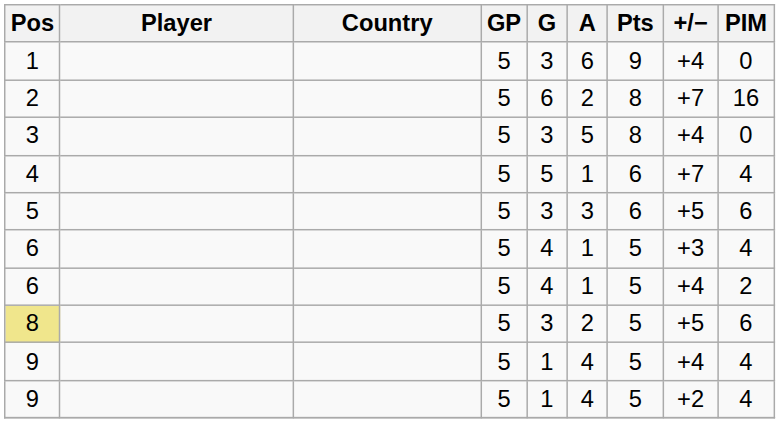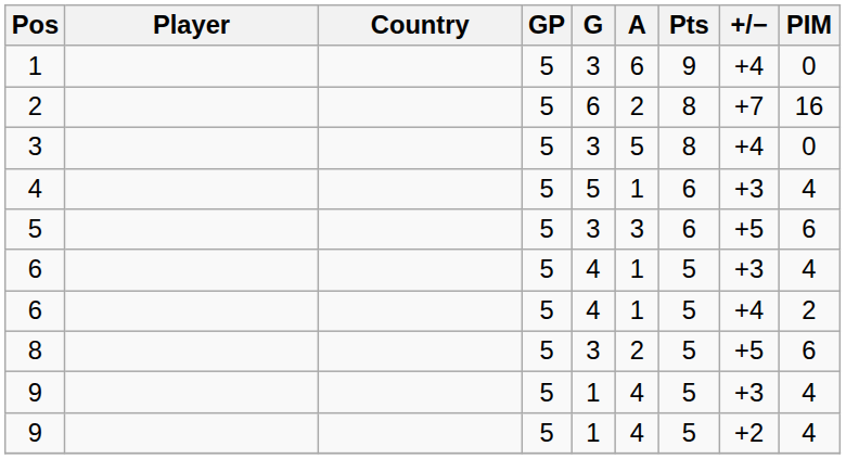 <table class="wikitable sortable" style="text-align: center;">
 <tr>
 <th width="30">Pos</th>
 <th width="150">Player</th>
 <th width="120">Country</th>
 <th width="20">GP</th>
 <th width="20">G</th>
 <th width="20">A</th>
 <th width="30">Pts</th>
 <th width="30">+/−</th>
 <th width="30">PIM</th>
 </tr>
 <tr>
 <td>1</td>
 <td align="left"></td>
 <td align="left"></td>
 <td>5</td>
 <td>3</td>
 <td>6</td>
 <td>9</td>
 <td>+4</td>
 <td>0</td>
 </tr>
 <tr>
 <td>2</td>
 <td align="left"></td>
 <td align="left"></td>
 <td>5</td>
 <td>6</td>
 <td>2</td>
 <td>8</td>
 <td>+7</td>
 <td>16</td>
 </tr>
 <tr>
 <td>3</td>
 <td align="left"></td>
 <td align="left"></td>
 <td>5</td>
 <td>3</td>
 <td>5</td>
 <td>8</td>
 <td>+4</td>
 <td>0</td>
 </tr>
 <tr>
 <td>4</td>
 <td align="left"></td>
 <td align="left"></td>
 <td>5</td>
 <td>5</td>
 <td>1</td>
 <td>6</td>
-<td>+7</td>
+<td>+3</td>
 <td>4</td>
 </tr>
 <tr>
 <td>5</td>
 <td align="left"></td>
 <td align="left"></td>
 <td>5</td>
 <td>3</td>
 <td>3</td>
 <td>6</td>
 <td>+5</td>
 <td>6</td>
 </tr>
 <tr>
 <td>6</td>
 <td align="left"></td>
 <td align="left"></td>
 <td>5</td>
 <td>4</td>
 <td>1</td>
 <td>5</td>
 <td>+3</td>
 <td>4</td>
 </tr>
 <tr>
 <td>6</td>
 <td align="left"></td>
 <td align="left"></td>
 <td>5</td>
 <td>4</td>
 <td>1</td>
 <td>5</td>
 <td>+4</td>
 <td>2</td>
 </tr>
 <tr>
-<td style="background: khaki;">8</td>
+<td>8</td>
 <td align="left"></td>
 <td align="left"></td>
 <td>5</td>
 <td>3</td>
 <td>2</td>
 <td>5</td>
 <td>+5</td>
 <td>6</td>
 </tr>
 <tr>
 <td>9</td>
 <td align="left"></td>
 <td align="left"></td>
 <td>5</td>
 <td>1</td>
 <td>4</td>
 <td>5</td>
-<td>+4</td>
+<td>+3</td>
 <td>4</td>
 </tr>
 <tr>
 <td>9</td>
 <td align="left"></td>
 <td align="left"></td>
 <td>5</td>
 <td>1</td>
 <td>4</td>
 <td>5</td>
 <td>+2</td>
 <td>4</td>
 </tr>
 <tr>
 </tr>
 </table>
